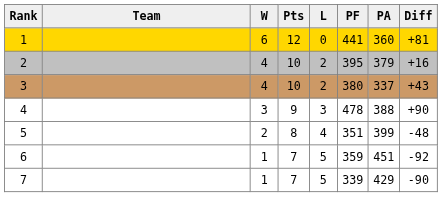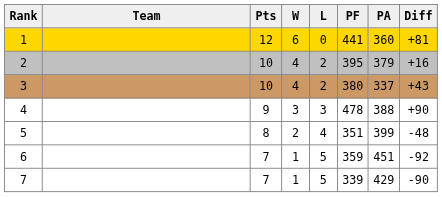 <table style=border-collapse:collapse border=1 cellspacing=0 cellpadding=5>
 <tr align=center bgcolor=#efefef>
 <th width=20>Rank</th>
 <th width=220>Team</th>
+<th width=20>Pts</th>
 <th width=20>W</th>
-<th width=20>Pts</th>
 <th width=20>L</th>
 <th width=20>PF</th>
 <th width=20>PA</th>
 <th width=20>Diff</th>
 </tr>
 <tr align=center bgcolor=gold>
 <td>1</td>
 <td align=left></td>
+<td>12</td>
 <td>6</td>
-<td>12</td>
 <td>0</td>
 <td>441</td>
 <td>360</td>
 <td>+81</td>
 </tr>
 <tr align=center bgcolor=silver>
 <td>2</td>
 <td align=left></td>
+<td>10</td>
 <td>4</td>
-<td>10</td>
 <td>2</td>
 <td>395</td>
 <td>379</td>
 <td>+16</td>
 </tr>
 <tr align=center bgcolor=cc9966>
 <td>3</td>
 <td align=left></td>
+<td>10</td>
 <td>4</td>
-<td>10</td>
 <td>2</td>
 <td>380</td>
 <td>337</td>
 <td>+43</td>
 </tr>
 <tr align=center>
 <td>4</td>
 <td align=left></td>
+<td>9</td>
 <td>3</td>
-<td>9</td>
 <td>3</td>
 <td>478</td>
 <td>388</td>
 <td>+90</td>
 </tr>
 <tr align=center>
 <td>5</td>
 <td align=left></td>
+<td>8</td>
 <td>2</td>
-<td>8</td>
 <td>4</td>
 <td>351</td>
 <td>399</td>
 <td>-48</td>
 </tr>
 <tr align=center>
 <td>6</td>
 <td align=left></td>
+<td>7</td>
 <td>1</td>
-<td>7</td>
 <td>5</td>
 <td>359</td>
 <td>451</td>
 <td>-92</td>
 </tr>
 <tr align=center>
 <td>7</td>
 <td align=left></td>
+<td>7</td>
 <td>1</td>
-<td>7</td>
 <td>5</td>
 <td>339</td>
 <td>429</td>
 <td>-90</td>
 </tr>
 </table>
